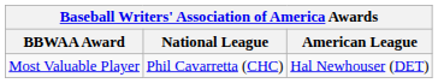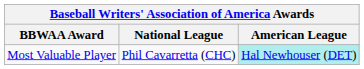 <table class="wikitable">
 <tr>
 <th colspan="3"><a href='#'>Baseball Writers' Association of America</a> Awards</th>
 </tr>
 <tr>
 <th>BBWAA Award</th>
 <th>National League</th>
 <th>American League</th>
 </tr>
 <tr>
 <td><a href='#'>Most Valuable Player</a></td>
 <td><a href='#'>Phil Cavarretta</a> (<a href='#'>CHC</a>)</td>
-<td><a href='#'>Hal Newhouser</a> (<a href='#'>DET</a>)</td>
+<td style="background: paleturquoise;"><a href='#'>Hal Newhouser</a> (<a href='#'>DET</a>)</td>
 </tr>
 </table>
